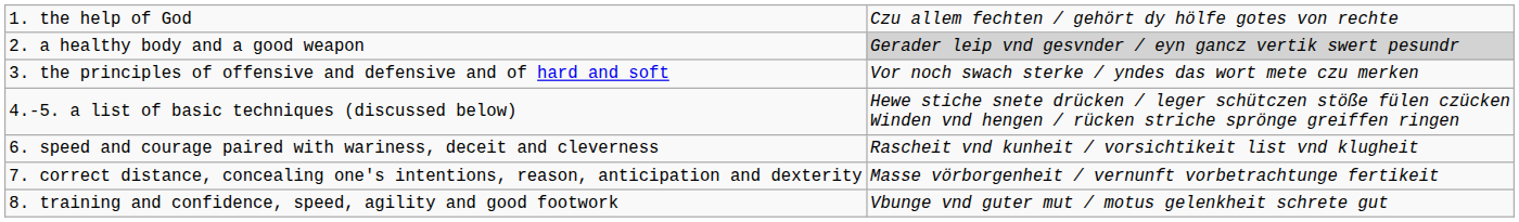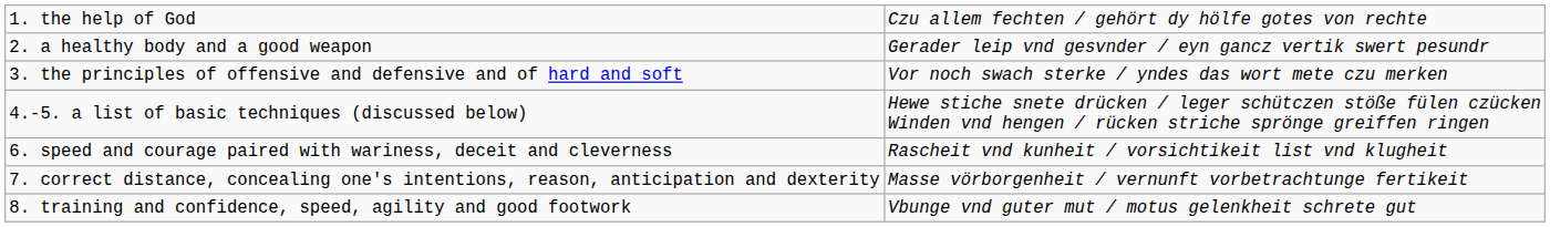 <table class="wikitable">
 <tr>
 <td>1. the help of God</td>
 <td><em>Czu allem fechten / gehört dy hölfe gotes von rechte </em></td>
 </tr>
 <tr>
 <td>2. a healthy body and a good weapon</td>
-<td style="background: lightgrey;"><em>Gerader leip vnd gesvnder / eyn gancz vertik swert pesundr</em></td>
+<td><em>Gerader leip vnd gesvnder / eyn gancz vertik swert pesundr</em></td>
 </tr>
 <tr>
 <td>3. the principles of offensive and defensive and of <a href='#'>hard and soft</a></td>
 <td><em>Vor noch swach sterke / yndes das wort mete czu merken</em></td>
 </tr>
 <tr>
 <td>4.-5. a list of basic techniques (discussed below)</td>
 <td><em>Hewe stiche snete drücken / leger schütczen stöße fülen czücken </em><br><em>Winden vnd hengen / rücken striche sprönge greiffen ringen </em></td>
 </tr>
 <tr>
 <td>6. speed and courage paired with wariness, deceit and cleverness</td>
 <td><em> Rascheit vnd kunheit / vorsichtikeit list vnd klugheit </em></td>
 </tr>
 <tr>
 <td>7. correct distance, concealing one's intentions, reason, anticipation and dexterity</td>
 <td><em>Masse vörborgenheit / vernunft vorbetrachtunge fertikeit</em></td>
 </tr>
 <tr>
 <td>8. training and confidence, speed, agility and good footwork</td>
 <td><em>Vbunge vnd guter mut / motus gelenkheit schrete gut</em></td>
 </tr>
 </table>
